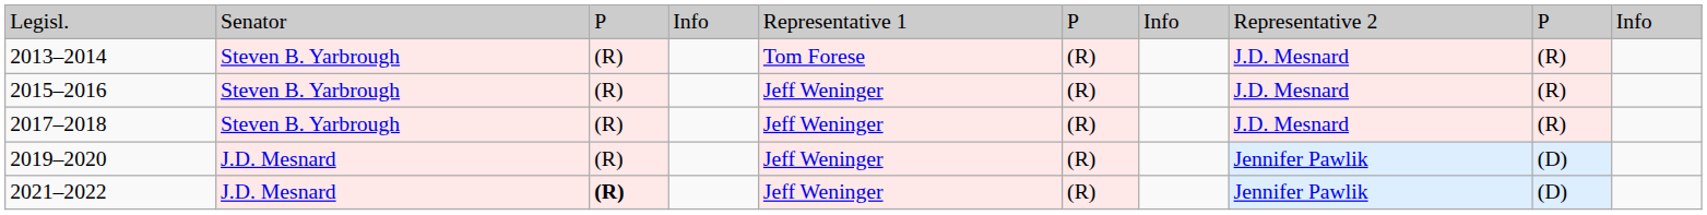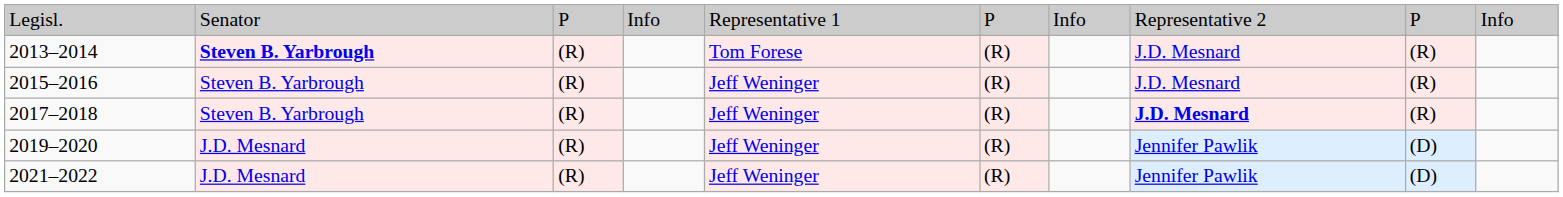 <table class=wikitable width="100%" border="1">
 <tr style="background-color:#cccccc;">
 <td>Legisl.</td>
 <td>Senator</td>
 <td>P</td>
 <td>Info</td>
 <td>Representative 1</td>
 <td>P</td>
 <td>Info</td>
 <td>Representative 2</td>
 <td>P</td>
 <td>Info</td>
 </tr>
 <tr>
 <td>2013–2014</td>
-<td style="background:#FFE8E8"><a href='#'>Steven B. Yarbrough</a></td>
+<td style="background:#FFE8E8"><strong><a href='#'>Steven B. Yarbrough</a></strong></td>
 <td style="background:#FFE8E8">(R)</td>
 <td></td>
 <td style="background:#FFE8E8"><a href='#'>Tom Forese</a></td>
 <td style="background:#FFE8E8">(R)</td>
 <td></td>
 <td style="background:#FFE8E8"><a href='#'>J.D. Mesnard</a></td>
 <td style="background:#FFE8E8">(R)</td>
 <td></td>
 </tr>
 <tr>
 <td>2015–2016</td>
 <td style="background:#FFE8E8"><a href='#'>Steven B. Yarbrough</a></td>
 <td style="background:#FFE8E8">(R)</td>
 <td></td>
 <td style="background:#FFE8E8"><a href='#'>Jeff Weninger</a></td>
 <td style="background:#FFE8E8">(R)</td>
 <td></td>
 <td style="background:#FFE8E8"><a href='#'>J.D. Mesnard</a></td>
 <td style="background:#FFE8E8">(R)</td>
 <td></td>
 </tr>
 <tr>
 <td>2017–2018</td>
 <td style="background:#FFE8E8"><a href='#'>Steven B. Yarbrough</a></td>
 <td style="background:#FFE8E8">(R)</td>
 <td></td>
 <td style="background:#FFE8E8"><a href='#'>Jeff Weninger</a></td>
 <td style="background:#FFE8E8">(R)</td>
 <td></td>
-<td style="background:#FFE8E8"><a href='#'>J.D. Mesnard</a></td>
+<td style="background:#FFE8E8"><strong><a href='#'>J.D. Mesnard</a></strong></td>
 <td style="background:#FFE8E8">(R)</td>
 <td></td>
 </tr>
 <tr>
 <td>2019–2020</td>
 <td style="background:#FFE8E8"><a href='#'>J.D. Mesnard</a></td>
 <td style="background:#FFE8E8">(R)</td>
 <td></td>
 <td style="background:#FFE8E8"><a href='#'>Jeff Weninger</a></td>
 <td style="background:#FFE8E8">(R)</td>
 <td></td>
 <td style="background:#DDEEFF"><a href='#'>Jennifer Pawlik</a></td>
 <td style="background:#DDEEFF">(D)</td>
 <td></td>
 </tr>
 <tr>
 <td>2021–2022</td>
 <td style="background:#FFE8E8"><a href='#'>J.D. Mesnard</a></td>
-<td style="background:#FFE8E8"><strong>(R)</strong></td>
+<td style="background:#FFE8E8">(R)</td>
 <td></td>
 <td style="background:#FFE8E8"><a href='#'>Jeff Weninger</a></td>
 <td style="background:#FFE8E8">(R)</td>
 <td></td>
 <td style="background:#DDEEFF"><a href='#'>Jennifer Pawlik</a></td>
 <td style="background:#DDEEFF">(D)</td>
 <td></td>
 </tr>
 </table>
